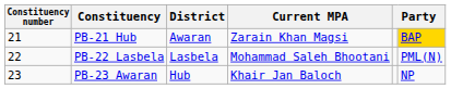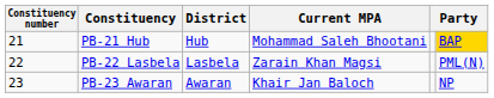 <table class="wikitable">
 <tr>
 <th width="50px" style="font-size:75%">Constituency number</th>
 <th>Constituency</th>
 <th>District</th>
 <th>Current MPA</th>
 <th colspan="2">Party</th>
 </tr>
 <tr>
 <td>21</td>
 <td><a href='#'>PB-21 Hub</a></td>
-<td><a href='#'>Awaran</a></td>
-<td><a href='#'>Zarain Khan Magsi</a></td>
+<td><a href='#'>Hub</a></td>
+<td><a href='#'>Mohammad Saleh Bhootani</a></td>
 <td></td>
 <td style="background: gold;"><a href='#'>BAP</a></td>
 </tr>
 <tr>
 <td>22</td>
 <td><a href='#'>PB-22 Lasbela</a></td>
 <td><a href='#'>Lasbela</a></td>
-<td><a href='#'>Mohammad Saleh Bhootani</a></td>
+<td><a href='#'>Zarain Khan Magsi</a></td>
 <td></td>
 <td><a href='#'>PML(N)</a></td>
 </tr>
 <tr>
 <td>23</td>
 <td><a href='#'>PB-23 Awaran</a></td>
-<td><a href='#'>Hub</a></td>
+<td><a href='#'>Awaran</a></td>
 <td><a href='#'>Khair Jan Baloch</a></td>
 <td></td>
 <td><a href='#'>NP</a></td>
 </tr>
 </table>
